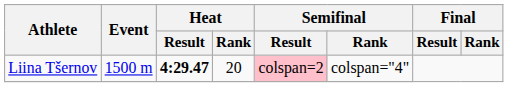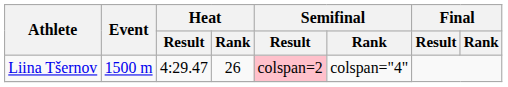 <table class="wikitable" style="font-size:90%">
 <tr>
 <th rowspan=2>Athlete</th>
 <th rowspan=2>Event</th>
 <th colspan=2>Heat</th>
 <th colspan=2>Semifinal</th>
 <th colspan=2>Final</th>
 </tr>
 <tr style="font-size:95%">
 <th>Result</th>
 <th>Rank</th>
 <th>Result</th>
 <th>Rank</th>
 <th>Result</th>
 <th>Rank</th>
 </tr>
 <tr align=center>
 <td align=left><a href='#'>Liina Tšernov</a></td>
 <td style="text-align:left;"><a href='#'>1500 m</a></td>
-<td><strong>4:29.47</strong></td>
-<td>20</td>
+<td>4:29.47</td>
+<td>26</td>
 <td style="background: pink;">colspan=2 </td>
 <td>colspan="4" </td>
 </tr>
 <tr align=center>
 </tr>
 </table>
